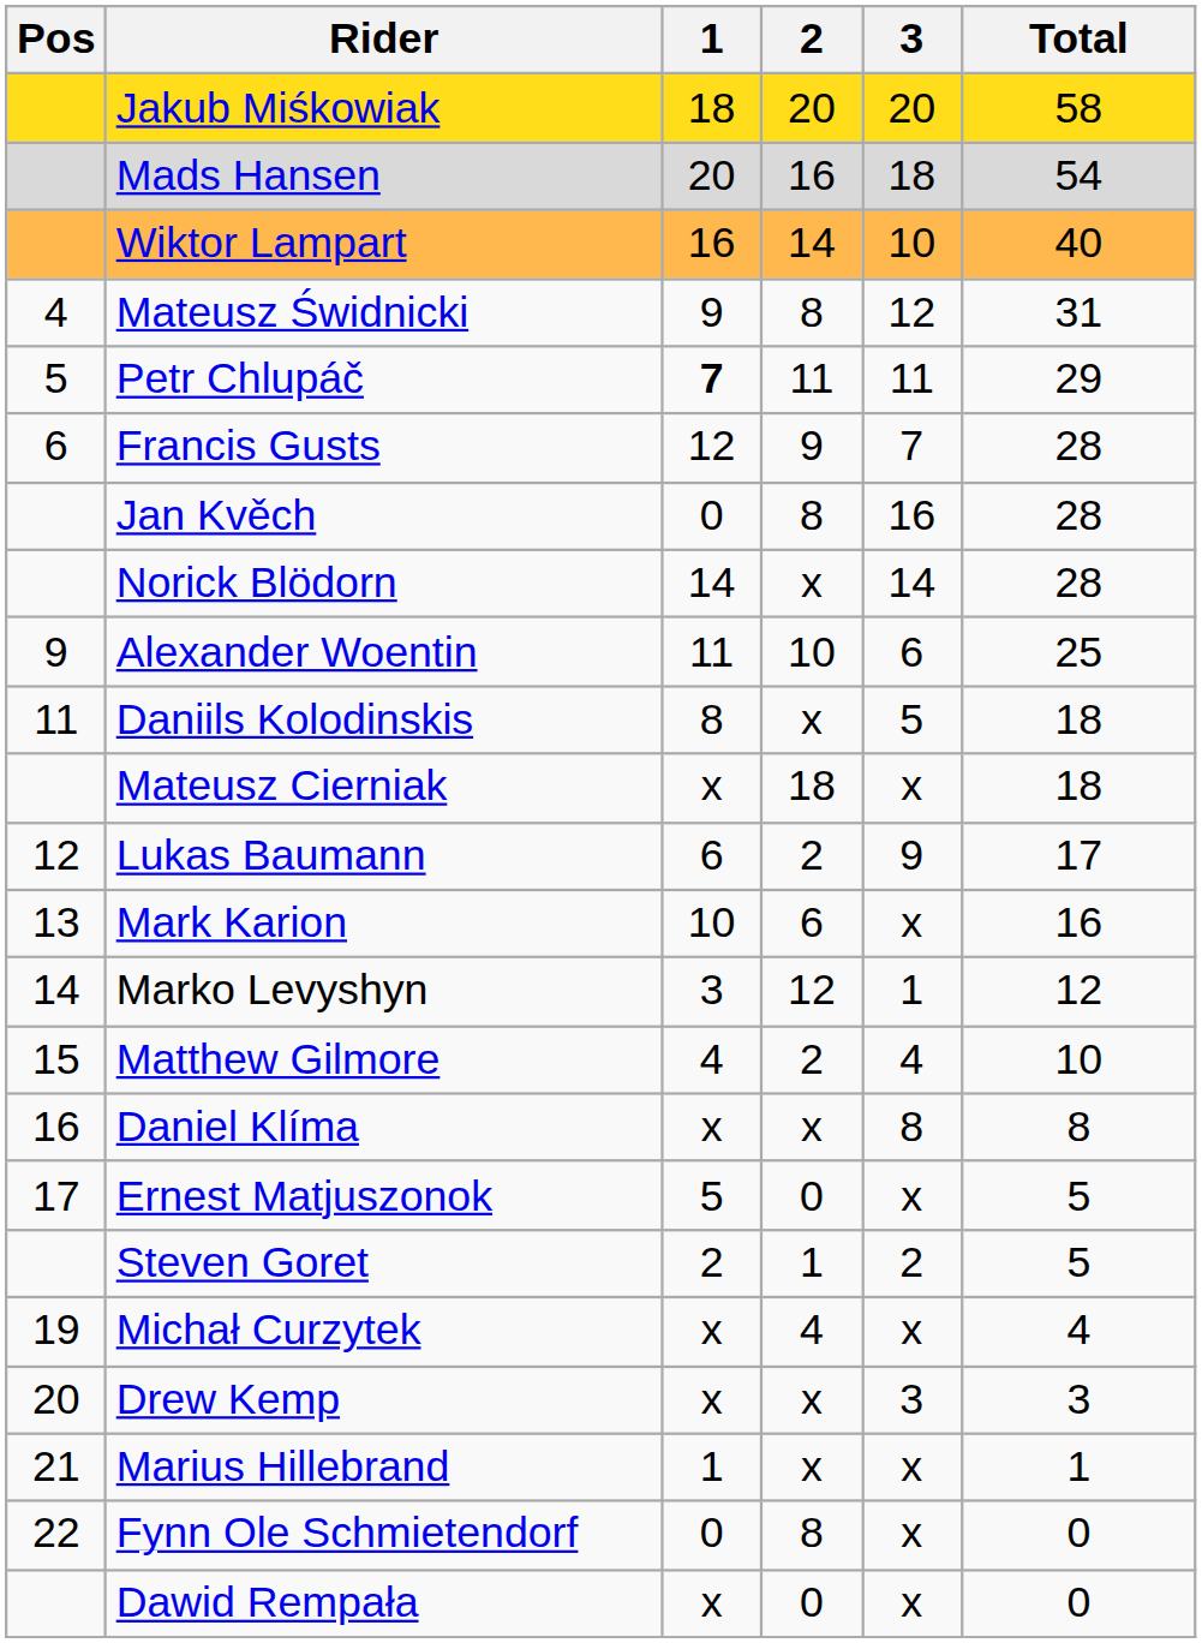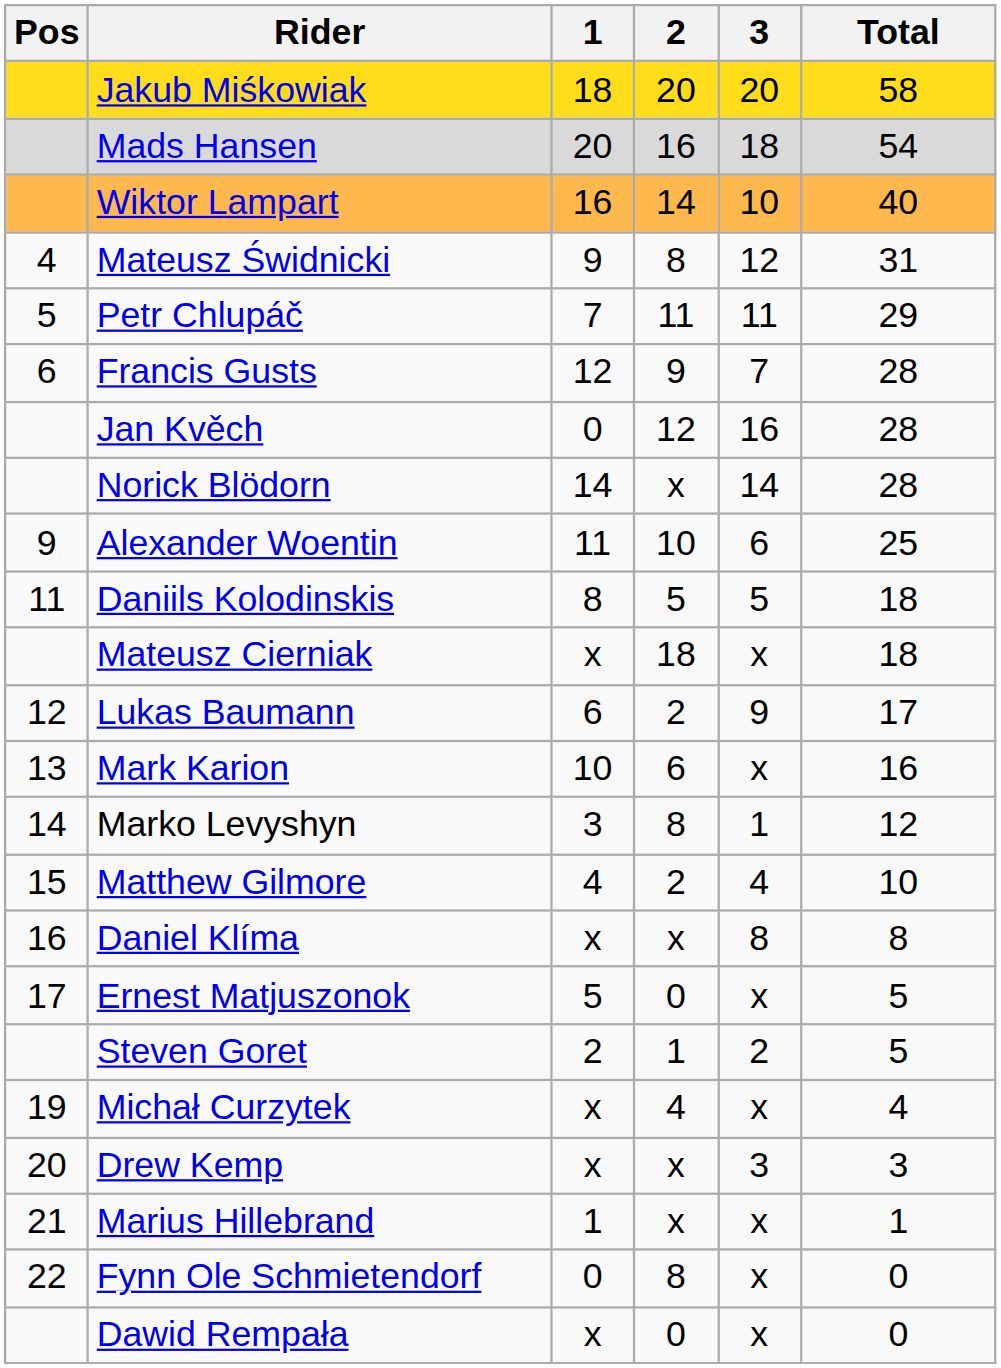 <table class="wikitable">
 <tr>
 <th width=30>Pos</th>
 <th width=200>Rider</th>
 <th width=30>1</th>
 <th width=30>2</th>
 <th width=30>3</th>
 <th width=80>Total</th>
 </tr>
 <tr align=center style="background: #ffdd1a;">
 <td></td>
 <td align="left"> <a href='#'>Jakub Miśkowiak</a></td>
 <td>18</td>
 <td>20</td>
 <td>20</td>
 <td>58</td>
 </tr>
 <tr align=center style="background: #d9d9d9;">
 <td></td>
 <td align="left"> <a href='#'>Mads Hansen</a></td>
 <td>20</td>
 <td>16</td>
 <td>18</td>
 <td>54</td>
 </tr>
 <tr align=center style="background: #ffb84d;">
 <td></td>
 <td align="left"> <a href='#'>Wiktor Lampart</a></td>
 <td>16</td>
 <td>14</td>
 <td>10</td>
 <td>40</td>
 </tr>
 <tr align=center>
 <td>4</td>
 <td align="left"> <a href='#'>Mateusz Świdnicki</a></td>
 <td>9</td>
 <td>8</td>
 <td>12</td>
 <td>31</td>
 </tr>
 <tr align=center>
 <td>5</td>
 <td align="left"> <a href='#'>Petr Chlupáč</a></td>
-<td><strong>7</strong></td>
+<td>7</td>
 <td>11</td>
 <td>11</td>
 <td>29</td>
 </tr>
 <tr align=center>
 <td>6</td>
 <td align="left"> <a href='#'>Francis Gusts</a></td>
 <td>12</td>
 <td>9</td>
 <td>7</td>
 <td>28</td>
 </tr>
 <tr align=center>
 <td></td>
 <td align="left"> <a href='#'>Jan Kvěch</a></td>
 <td>0</td>
-<td>8</td>
+<td>12</td>
 <td>16</td>
 <td>28</td>
 </tr>
 <tr align=center>
 <td></td>
 <td align="left"> <a href='#'>Norick Blödorn</a></td>
 <td>14</td>
 <td>x</td>
 <td>14</td>
 <td>28</td>
 </tr>
 <tr align="center">
 <td>9</td>
 <td align="left"> <a href='#'>Alexander Woentin</a></td>
 <td>11</td>
 <td>10</td>
 <td>6</td>
 <td>25</td>
 </tr>
 <tr align="center">
 <td>11</td>
 <td align="left"> <a href='#'>Daniils Kolodinskis</a></td>
 <td>8</td>
-<td>x</td>
+<td>5</td>
 <td>5</td>
 <td>18</td>
 </tr>
 <tr align="center">
 <td></td>
 <td align="left"> <a href='#'>Mateusz Cierniak</a></td>
 <td>x</td>
 <td>18</td>
 <td>x</td>
 <td>18</td>
 </tr>
 <tr align=center>
 <td>12</td>
 <td align="left"> <a href='#'>Lukas Baumann</a></td>
 <td>6</td>
 <td>2</td>
 <td>9</td>
 <td>17</td>
 </tr>
 <tr align=center>
 <td>13</td>
 <td align="left"> <a href='#'>Mark Karion</a></td>
 <td>10</td>
 <td>6</td>
 <td>x</td>
 <td>16</td>
 </tr>
 <tr align=center>
 <td>14</td>
 <td align="left"> Marko Levyshyn</td>
 <td>3</td>
-<td>12</td>
+<td>8</td>
 <td>1</td>
 <td>12</td>
 </tr>
 <tr align="center">
 <td>15</td>
 <td align="left"> <a href='#'>Matthew Gilmore</a></td>
 <td>4</td>
 <td>2</td>
 <td>4</td>
 <td>10</td>
 </tr>
 <tr align=center>
 <td>16</td>
 <td align="left"> <a href='#'>Daniel Klíma</a></td>
 <td>x</td>
 <td>x</td>
 <td>8</td>
 <td>8</td>
 </tr>
 <tr align="center">
 <td>17</td>
 <td align="left"> <a href='#'>Ernest Matjuszonok</a></td>
 <td>5</td>
 <td>0</td>
 <td>x</td>
 <td>5</td>
 </tr>
 <tr align=center>
 <td></td>
 <td align="left"> <a href='#'>Steven Goret</a></td>
 <td>2</td>
 <td>1</td>
 <td>2</td>
 <td>5</td>
 </tr>
 <tr align=center>
 <td>19</td>
 <td align="left"> <a href='#'>Michał Curzytek</a></td>
 <td>x</td>
 <td>4</td>
 <td>x</td>
 <td>4</td>
 </tr>
 <tr align=center>
 <td>20</td>
 <td align="left"> <a href='#'>Drew Kemp</a></td>
 <td>x</td>
 <td>x</td>
 <td>3</td>
 <td>3</td>
 </tr>
 <tr align=center>
 <td>21</td>
 <td align="left"> <a href='#'>Marius Hillebrand</a></td>
 <td>1</td>
 <td>x</td>
 <td>x</td>
 <td>1</td>
 </tr>
 <tr align=center>
 <td>22</td>
 <td align="left"> <a href='#'>Fynn Ole Schmietendorf</a></td>
 <td>0</td>
 <td>8</td>
 <td>x</td>
 <td>0</td>
 </tr>
 <tr align=center>
 <td></td>
 <td align="left"> <a href='#'>Dawid Rempała</a></td>
 <td>x</td>
 <td>0</td>
 <td>x</td>
 <td>0</td>
 </tr>
 </table>
